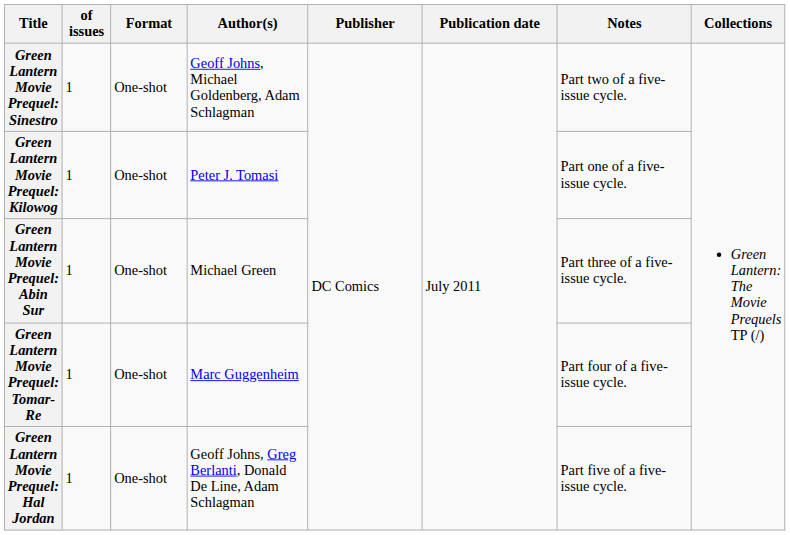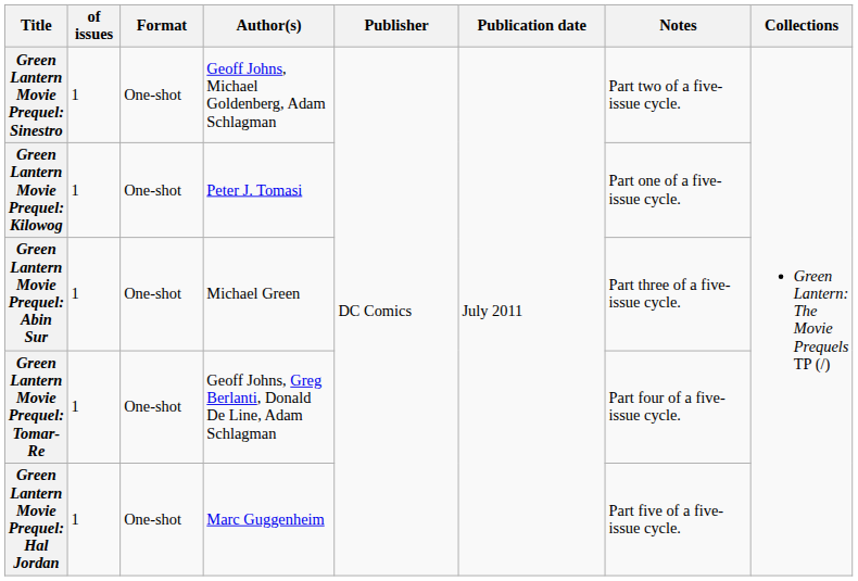 <table class="wikitable">
 <tr>
 <th>Title</th>
 <th style="width:40pt"> of issues</th>
 <th style="width:75pt">Format</th>
 <th style="width:125pt">Author(s)</th>
 <th style="width:125pt">Publisher</th>
 <th style="width:150pt">Publication date</th>
 <th style="width:175pt">Notes</th>
 <th>Collections</th>
 </tr>
 <tr>
 <th><em>Green Lantern Movie Prequel: Sinestro</em></th>
 <td>1</td>
 <td>One-shot</td>
 <td><a href='#'>Geoff Johns</a>, Michael Goldenberg, Adam Schlagman</td>
 <td rowspan="5">DC Comics</td>
 <td rowspan="5">July 2011</td>
 <td>Part two of a five-issue cycle.</td>
 <td rowspan="5"><br><ul><li><em>Green Lantern: The Movie Prequels</em> TP (/)</li></ul></td>
 </tr>
 <tr>
 <th><em>Green Lantern Movie Prequel: Kilowog</em></th>
 <td>1</td>
 <td>One-shot</td>
 <td><a href='#'>Peter J. Tomasi</a></td>
 <td>Part one of a five-issue cycle.</td>
 </tr>
 <tr>
 <th><em>Green Lantern Movie Prequel: Abin Sur</em></th>
 <td>1</td>
 <td>One-shot</td>
 <td>Michael Green</td>
 <td>Part three of a five-issue cycle.</td>
 </tr>
 <tr>
 <th><em>Green Lantern Movie Prequel: Tomar-Re</em></th>
 <td>1</td>
 <td>One-shot</td>
-<td><a href='#'>Marc Guggenheim</a></td>
+<td>Geoff Johns, <a href='#'>Greg Berlanti</a>, Donald De Line, Adam Schlagman</td>
 <td>Part four of a five-issue cycle.</td>
 </tr>
 <tr>
 <th><em>Green Lantern Movie Prequel: Hal Jordan</em></th>
 <td>1</td>
 <td>One-shot</td>
-<td>Geoff Johns, <a href='#'>Greg Berlanti</a>, Donald De Line, Adam Schlagman</td>
+<td><a href='#'>Marc Guggenheim</a></td>
 <td>Part five of a five-issue cycle.</td>
 </tr>
 </table>
